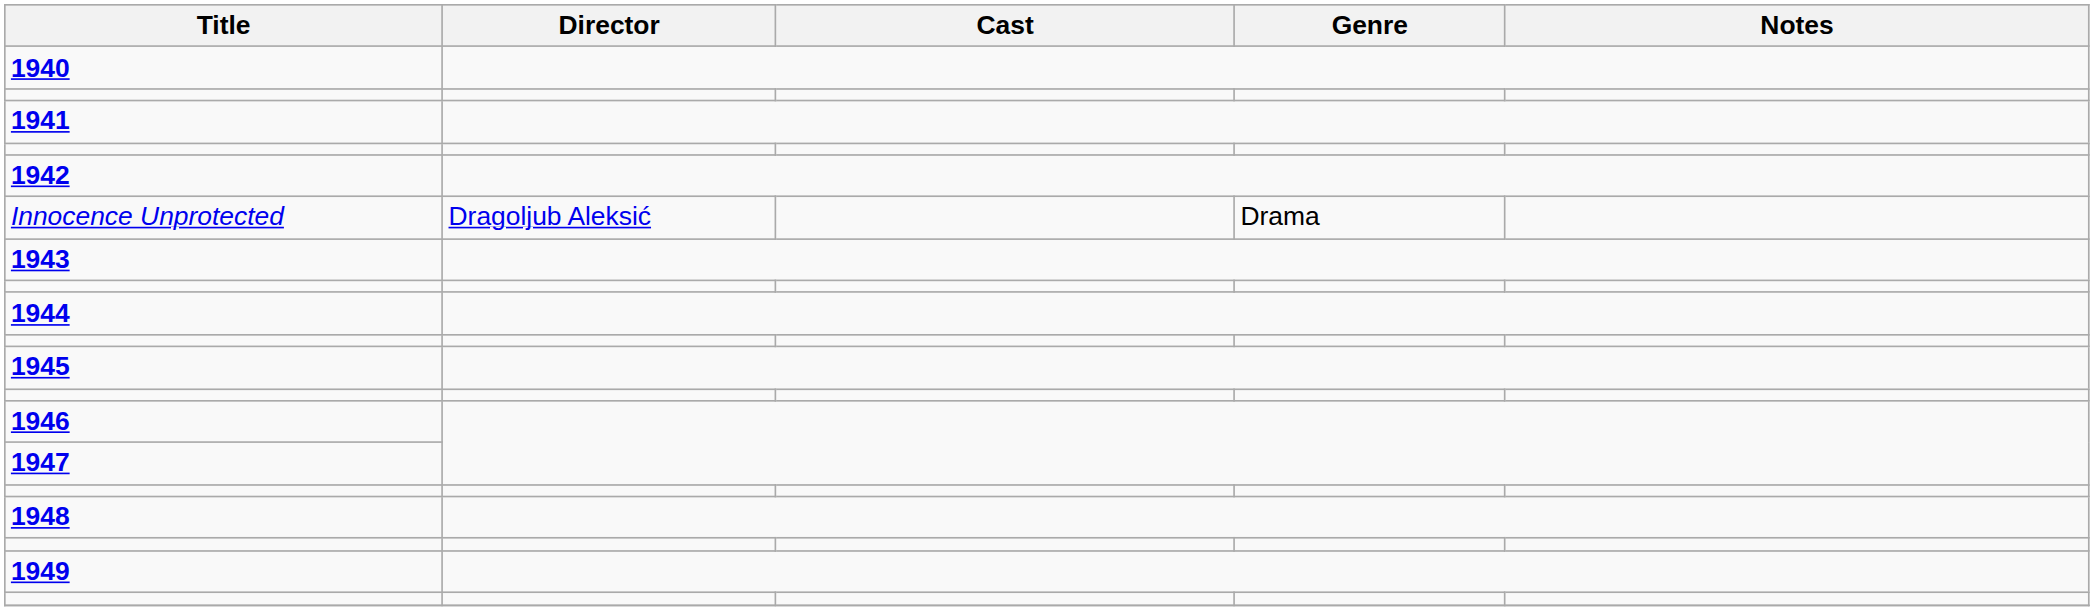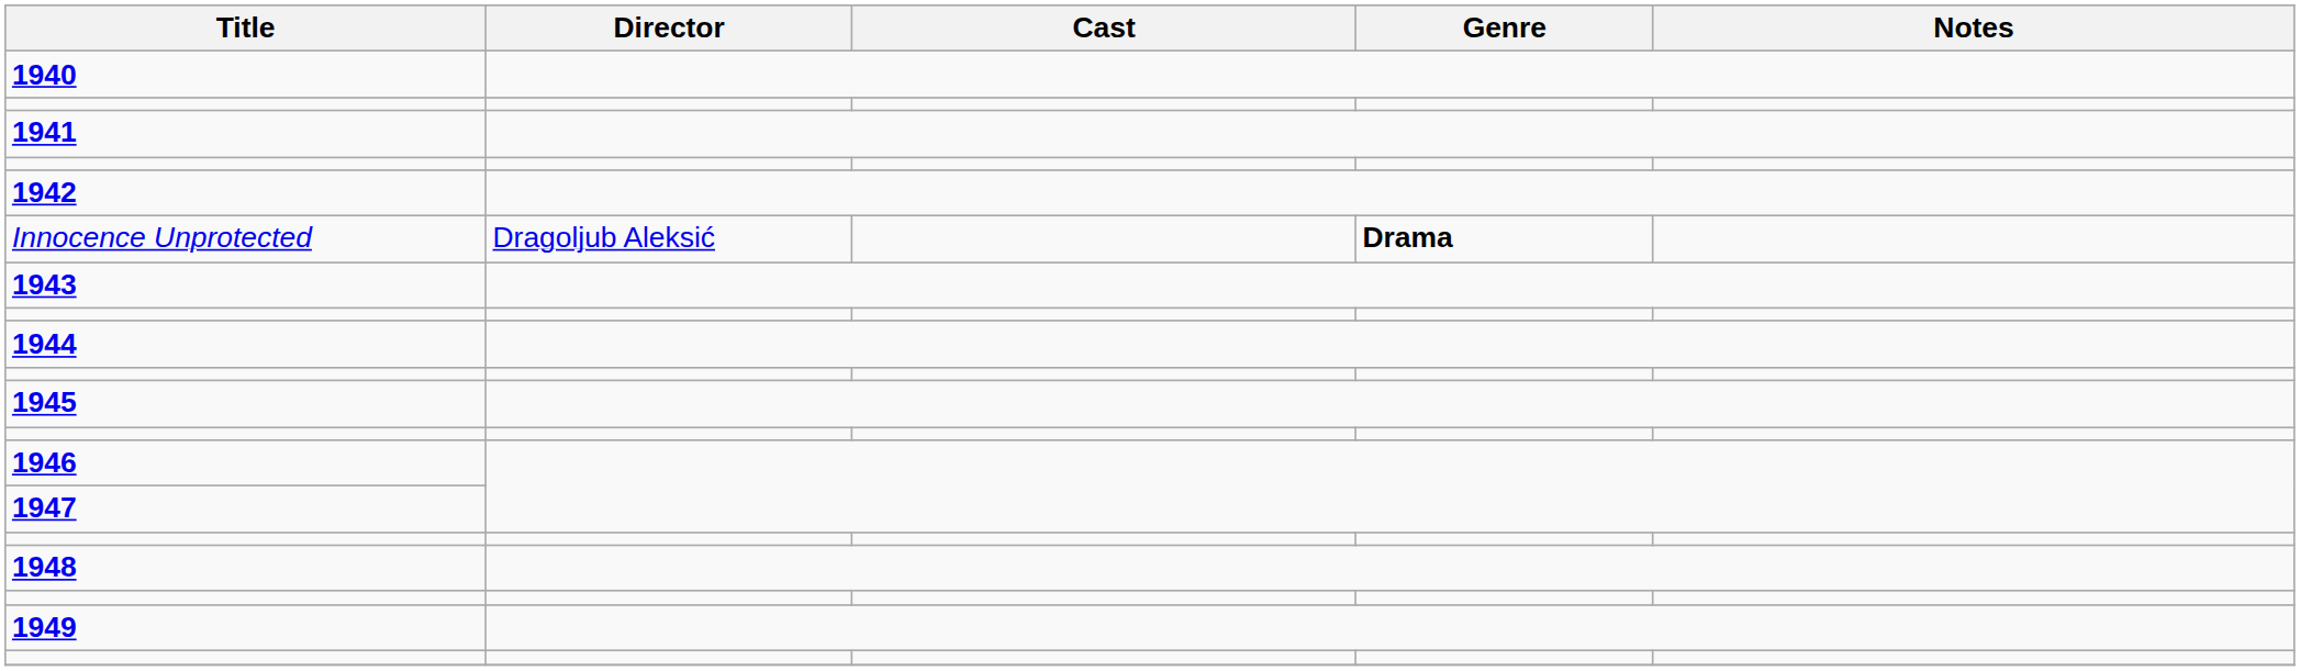 <table class="wikitable" style="width:100%;">
 <tr>
 <th style="width:21%;">Title</th>
 <th style="width:16%;">Director</th>
 <th style="width:22%;">Cast</th>
 <th style="width:13%;">Genre</th>
 <th style="width:28%;">Notes</th>
 </tr>
 <tr>
 <td><strong><a href='#'>1940</a></strong></td>
 </tr>
 <tr>
 <td></td>
 <td></td>
 <td></td>
 <td></td>
 <td></td>
 </tr>
 <tr>
 <td><strong><a href='#'>1941</a></strong></td>
 </tr>
 <tr>
 <td></td>
 <td></td>
 <td></td>
 <td></td>
 <td></td>
 </tr>
 <tr>
 <td><strong><a href='#'>1942</a></strong></td>
 </tr>
 <tr>
 <td><em><a href='#'>Innocence Unprotected</a></em></td>
 <td><a href='#'>Dragoljub Aleksić</a></td>
 <td></td>
-<td>Drama</td>
+<td><strong>Drama</strong></td>
 <td></td>
 </tr>
 <tr>
 <td><strong><a href='#'>1943</a></strong></td>
 </tr>
 <tr>
 <td></td>
 <td></td>
 <td></td>
 <td></td>
 <td></td>
 </tr>
 <tr>
 <td><strong><a href='#'>1944</a></strong></td>
 </tr>
 <tr>
 <td></td>
 <td></td>
 <td></td>
 <td></td>
 <td></td>
 </tr>
 <tr>
 <td><strong><a href='#'>1945</a></strong></td>
 </tr>
 <tr>
 <td></td>
 <td></td>
 <td></td>
 <td></td>
 <td></td>
 </tr>
 <tr>
 <td><strong><a href='#'>1946</a></strong></td>
 </tr>
 <tr>
 <td><strong><a href='#'>1947</a></strong></td>
 </tr>
 <tr>
 <td></td>
 <td></td>
 <td></td>
 <td></td>
 <td></td>
 </tr>
 <tr>
 <td><strong><a href='#'>1948</a></strong></td>
 </tr>
 <tr>
 <td></td>
 <td></td>
 <td></td>
 <td></td>
 <td></td>
 </tr>
 <tr>
 <td><strong><a href='#'>1949</a></strong></td>
 </tr>
 <tr>
 <td></td>
 <td></td>
 <td></td>
 <td></td>
 <td></td>
 </tr>
 <tr>
 </tr>
 </table>
